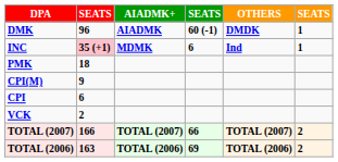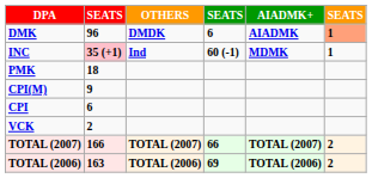 <table class="wikitable" style="font-weight: bold; font-size: x-small; font-family: verdana">
 <tr>
 <th style="background-color:#FF0000; color:white">DPA</th>
 <th style="background-color:#FF0000; color:white">SEATS</th>
+<th style="background-color:#FF9900; color:white">OTHERS</th>
+<th style="background-color:#009900; color:white">SEATS</th>
 <th style="background-color:#009900; color:white">AIADMK+</th>
-<th style="background-color:#009900; color:white">SEATS</th>
-<th style="background-color:#FF9900; color:white">OTHERS</th>
 <th style="background-color:#FF9900; color:white">SEATS</th>
 </tr>
 <tr --->
 <td><a href='#'>DMK</a></td>
 <td>96</td>
+<td><a href='#'>DMDK</a></td>
+<td>6</td>
 <td><a href='#'>AIADMK</a></td>
-<td>60 (-1)</td>
-<td><a href='#'>DMDK</a></td>
-<td>1</td>
+<td style="background: lightsalmon;">1</td>
 </tr>
 <tr --->
 <td><a href='#'>INC</a></td>
 <td style="background: pink;">35 (+1)</td>
+<td><a href='#'>Ind</a></td>
+<td>60 (-1)</td>
 <td><a href='#'>MDMK</a></td>
-<td>6</td>
-<td><a href='#'>Ind</a></td>
 <td>1</td>
 </tr>
 <tr --->
 <td><a href='#'>PMK</a></td>
 <td>18</td>
 <td></td>
 <td></td>
 <td></td>
 <td></td>
 </tr>
 <tr --->
 <td><a href='#'>CPI(M)</a></td>
 <td>9</td>
 <td></td>
 <td></td>
 <td></td>
 <td></td>
 </tr>
 <tr --->
 <td><a href='#'>CPI</a></td>
 <td>6</td>
 <td></td>
 <td></td>
 <td></td>
 <td></td>
 </tr>
 <tr --->
 <td><a href='#'>VCK</a></td>
 <td>2</td>
 <td></td>
 <td></td>
 <td></td>
 <td></td>
 </tr>
 <tr>
 <td bgcolor=#FFE6E6>TOTAL (2007)</td>
 <td bgcolor=#FFE6E6>166</td>
+<td bgcolor=#FFF3E1>TOTAL (2007)</td>
+<td bgcolor=#E6FFE6>66</td>
 <td bgcolor=#E6FFE6>TOTAL (2007)</td>
-<td bgcolor=#E6FFE6>66</td>
-<td bgcolor=#FFF3E1>TOTAL (2007)</td>
 <td bgcolor=#FFF3E1>2</td>
 </tr>
 <tr --->
 <td bgcolor=#FFE6E6>TOTAL (2006)</td>
 <td bgcolor=#FFE6E6>163</td>
+<td bgcolor=#FFF3E1>TOTAL (2006)</td>
+<td bgcolor=#E6FFE6>69</td>
 <td bgcolor=#E6FFE6>TOTAL (2006)</td>
-<td bgcolor=#E6FFE6>69</td>
-<td bgcolor=#FFF3E1>TOTAL (2006)</td>
 <td bgcolor=#FFF3E1>2</td>
 </tr>
 </table>
